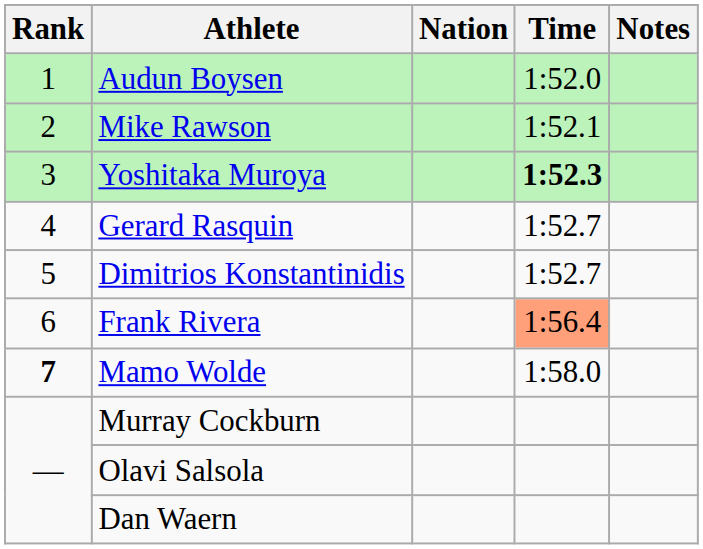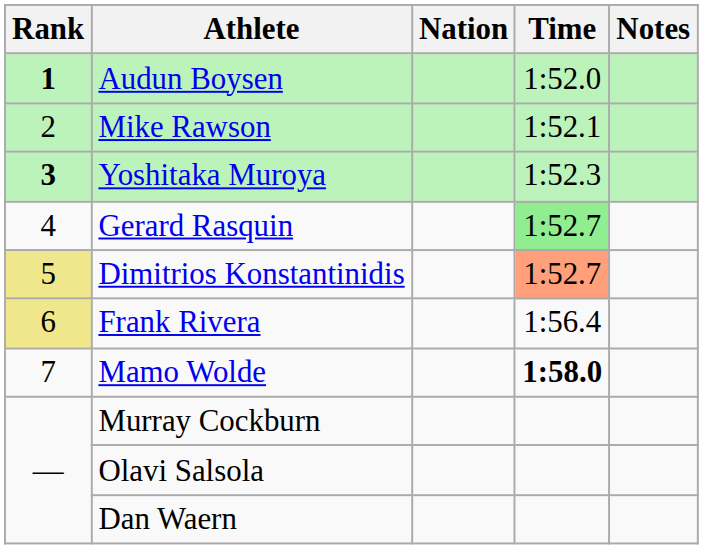 <table class="wikitable sortable" style="text-align:center">
 <tr>
 <th>Rank</th>
 <th>Athlete</th>
 <th>Nation</th>
 <th>Time</th>
 <th>Notes</th>
 </tr>
 <tr bgcolor=bbf3bb>
-<td>1</td>
+<td><strong>1</strong></td>
 <td align=left><a href='#'>Audun Boysen</a></td>
 <td align=left></td>
 <td>1:52.0</td>
 <td></td>
 </tr>
 <tr bgcolor=bbf3bb>
 <td>2</td>
 <td align=left><a href='#'>Mike Rawson</a></td>
 <td align=left></td>
 <td>1:52.1</td>
 <td></td>
 </tr>
 <tr bgcolor=bbf3bb>
-<td>3</td>
+<td><strong>3</strong></td>
 <td align=left><a href='#'>Yoshitaka Muroya</a></td>
 <td align=left></td>
-<td><strong>1:52.3</strong></td>
+<td>1:52.3</td>
 <td></td>
 </tr>
 <tr>
 <td>4</td>
 <td align=left><a href='#'>Gerard Rasquin</a></td>
 <td align=left></td>
-<td>1:52.7</td>
+<td style="background: lightgreen;">1:52.7</td>
 <td></td>
 </tr>
 <tr>
-<td>5</td>
+<td style="background: khaki;">5</td>
 <td align=left><a href='#'>Dimitrios Konstantinidis</a></td>
 <td align=left></td>
-<td>1:52.7</td>
+<td style="background: lightsalmon;">1:52.7</td>
 <td></td>
 </tr>
 <tr>
-<td>6</td>
+<td style="background: khaki;">6</td>
 <td align=left><a href='#'>Frank Rivera</a></td>
 <td align=left></td>
-<td style="background: lightsalmon;">1:56.4</td>
+<td>1:56.4</td>
 <td></td>
 </tr>
 <tr>
-<td><strong>7</strong></td>
+<td>7</td>
 <td align=left><a href='#'>Mamo Wolde</a></td>
 <td align=left></td>
-<td>1:58.0</td>
+<td><strong>1:58.0</strong></td>
 <td></td>
 </tr>
 <tr>
 <td rowspan=3 data-sort-value=8>—</td>
 <td align=left>Murray Cockburn</td>
 <td align=left></td>
 <td></td>
 <td></td>
 </tr>
 <tr>
 <td align=left>Olavi Salsola</td>
 <td align=left></td>
 <td></td>
 <td></td>
 </tr>
 <tr>
 <td align=left>Dan Waern</td>
 <td align=left></td>
 <td></td>
 <td></td>
 </tr>
 </table>
